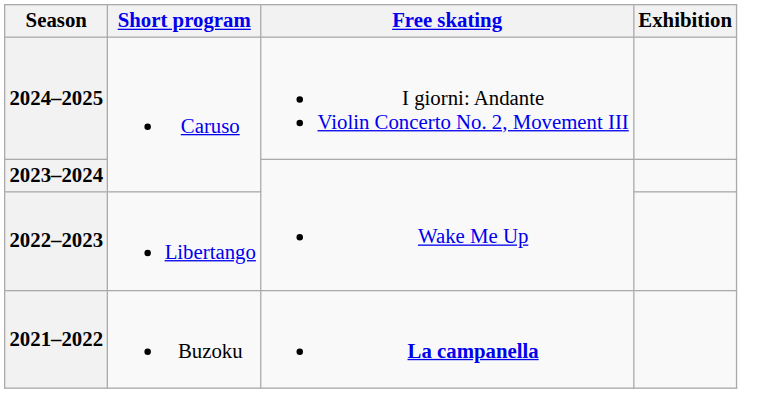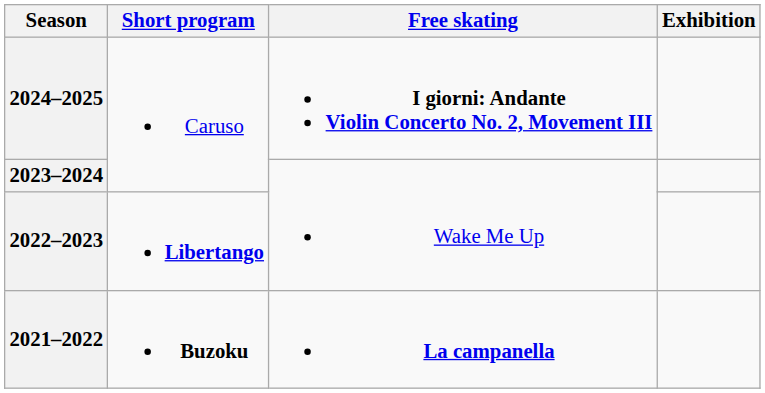 <table class=wikitable style=text-align:center>
 <tr>
 <th>Season</th>
 <th><a href='#'>Short program</a></th>
 <th><a href='#'>Free skating</a></th>
 <th>Exhibition</th>
 </tr>
 <tr>
 <th>2024–2025 <br></th>
 <td rowspan=2><br><ul><li><a href='#'>Caruso</a> <br> </li></ul></td>
-<td><br><ul><li>I giorni: Andante <br> </li><li><a href='#'>Violin Concerto No. 2, Movement III</a> <br></li></ul></td>
+<td><strong><br><ul><li>I giorni: Andante <br> </li><li><a href='#'>Violin Concerto No. 2, Movement III</a> <br></li></ul></strong></td>
 <td></td>
 </tr>
 <tr>
 <th>2023–2024 <br></th>
 <td rowspan=2><br><ul><li><a href='#'>Wake Me Up</a> <br> </li></ul></td>
 <td></td>
 </tr>
 <tr>
 <th>2022–2023 <br></th>
-<td><br><ul><li><a href='#'>Libertango</a> <br> </li></ul></td>
+<td><strong><br><ul><li><a href='#'>Libertango</a> <br> </li></ul></strong></td>
 <td></td>
 </tr>
 <tr>
 <th>2021–2022 <br></th>
-<td><br><ul><li>Buzoku <br> </li></ul></td>
+<td><strong><br><ul><li>Buzoku <br> </li></ul></strong></td>
 <td><strong><br><ul><li><a href='#'>La campanella</a> <br></li></ul></strong></td>
 </tr>
 </table>
